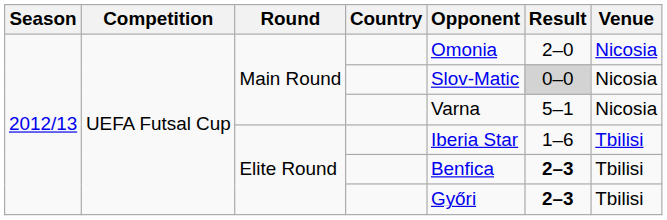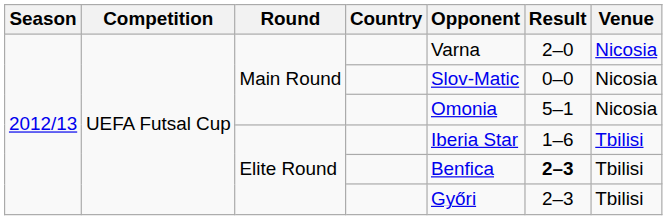 <table class="wikitable">
 <tr>
 <th>Season</th>
 <th>Competition</th>
 <th>Round</th>
 <th>Country</th>
 <th>Opponent</th>
 <th>Result</th>
 <th>Venue</th>
 </tr>
 <tr>
 <td rowspan=6><a href='#'>2012/13</a></td>
 <td rowspan=6 align=center>UEFA Futsal Cup</td>
 <td rowspan=3>Main Round</td>
 <td align=center></td>
-<td><a href='#'>Omonia</a></td>
+<td>Varna</td>
 <td align=center>2–0</td>
 <td><a href='#'>Nicosia</a></td>
 </tr>
 <tr>
 <td align=center></td>
 <td><a href='#'>Slov-Matic</a></td>
-<td align=center style="background: lightgrey;">0–0</td>
+<td align=center>0–0</td>
 <td>Nicosia</td>
 </tr>
 <tr>
 <td align=center></td>
-<td>Varna</td>
+<td><a href='#'>Omonia</a></td>
 <td align=center>5–1</td>
 <td>Nicosia</td>
 </tr>
 <tr>
 <td rowspan=3>Elite Round</td>
 <td align=center></td>
 <td><a href='#'>Iberia Star</a></td>
 <td align=center>1–6</td>
 <td><a href='#'>Tbilisi</a></td>
 </tr>
 <tr>
 <td align=center></td>
 <td><a href='#'>Benfica</a></td>
 <td align=center><strong>2–3</strong></td>
 <td>Tbilisi</td>
 </tr>
 <tr>
 <td align=center></td>
 <td><a href='#'>Győri</a></td>
-<td align=center><strong>2–3</strong></td>
+<td align=center>2–3</td>
 <td>Tbilisi</td>
 </tr>
 </table>
